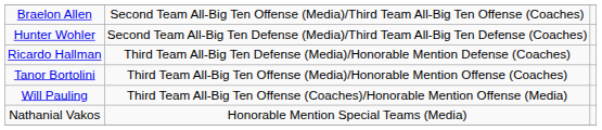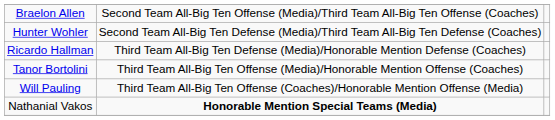 <table class="wikitable sortable sortable" style="text-align: center">
 <tr align=center>
 </tr>
 <tr>
 <td><a href='#'>Braelon Allen</a></td>
 <td>Second Team All-Big Ten Offense (Media)/Third Team All-Big Ten Offense (Coaches)</td>
 <td></td>
 </tr>
 <tr>
 <td><a href='#'>Hunter Wohler</a></td>
 <td>Second Team All-Big Ten Defense (Media)/Third Team All-Big Ten Defense (Coaches)</td>
 <td></td>
 </tr>
 <tr>
 <td><a href='#'>Ricardo Hallman</a></td>
 <td>Third Team All-Big Ten Defense (Media)/Honorable Mention Defense (Coaches)</td>
 <td></td>
 </tr>
 <tr>
 <td><a href='#'>Tanor Bortolini</a></td>
 <td>Third Team All-Big Ten Offense (Media)/Honorable Mention Offense (Coaches)</td>
 <td></td>
 </tr>
 <tr>
 <td><a href='#'>Will Pauling</a></td>
 <td>Third Team All-Big Ten Offense (Coaches)/Honorable Mention Offense (Media)</td>
 <td></td>
 </tr>
 <tr>
 <td>Nathanial Vakos</td>
-<td>Honorable Mention Special Teams (Media)</td>
+<td><strong>Honorable Mention Special Teams (Media)</strong></td>
 <td></td>
 </tr>
 <tr>
 </tr>
 </table>
